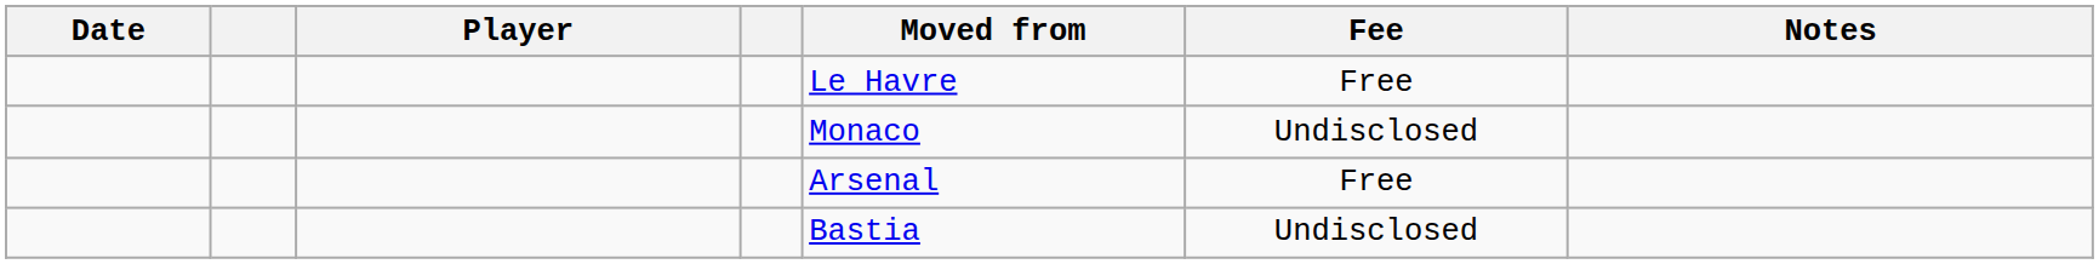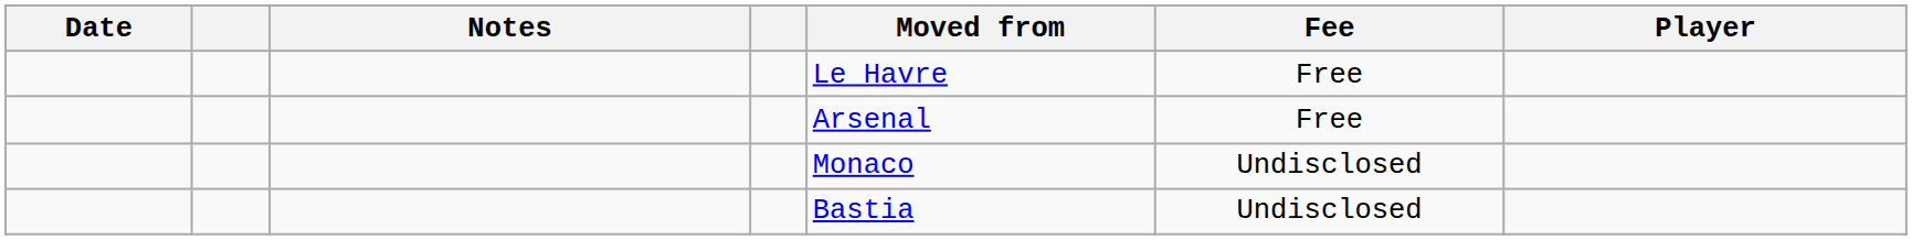 <table class="wikitable sortable">
 <tr>
 <th style="width:80px;">Date</th>
 <th style="width:30px;"></th>
-<th style="width:180px;">Player</th>
+<th style="width:215px;" class="unsortable">Notes</th>
 <th style="width:20px;"></th>
 <th style="width:155px;">Moved from</th>
 <th style="width:155px;" class="unsortable">Fee</th>
-<th style="width:215px;" class="unsortable">Notes</th>
+<th style="width:180px;">Player</th>
 </tr>
 <tr>
 <td></td>
 <td align=center></td>
-<td> </td>
+<td align=center></td>
 <td></td>
 <td> <a href='#'>Le Havre</a></td>
 <td align=center>Free</td>
-<td align=center></td>
+<td> </td>
 </tr>
 <tr>
 <td></td>
 <td align=center></td>
+<td align=center></td>
+<td></td>
+<td> <a href='#'>Arsenal</a></td>
+<td align=center>Free</td>
 <td> </td>
-<td></td>
-<td> <a href='#'>Monaco</a></td>
-<td align=center>Undisclosed</td>
-<td align=center></td>
 </tr>
 <tr>
 <td></td>
 <td align=center></td>
+<td align=center></td>
+<td></td>
+<td> <a href='#'>Monaco</a></td>
+<td align=center>Undisclosed</td>
 <td> </td>
-<td></td>
-<td> <a href='#'>Arsenal</a></td>
-<td align=center>Free</td>
-<td align=center></td>
 </tr>
 <tr>
 <td></td>
 <td align=center></td>
-<td> </td>
+<td align=center></td>
 <td></td>
 <td> <a href='#'>Bastia</a></td>
 <td align=center>Undisclosed</td>
-<td align=center></td>
+<td> </td>
 </tr>
 </table>
